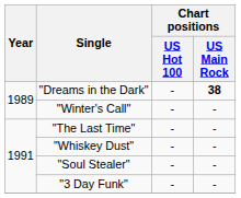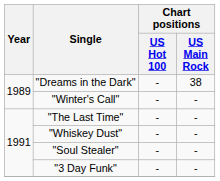 <table class="wikitable" style="text-align:center;">
 <tr>
 <th rowspan="2">Year</th>
 <th rowspan="2">Single</th>
 <th colspan="2">Chart positions</th>
 </tr>
 <tr size="font-size:smaller;">
 <th style="width:50px;"><a href='#'>US Hot 100</a></th>
 <th style="width:50px;"><a href='#'>US Main Rock</a></th>
 </tr>
 <tr>
 <td rowspan="2">1989</td>
 <td>"Dreams in the Dark"</td>
 <td style="text-align:center;">-</td>
-<td style="text-align:center;"><strong>38</strong></td>
+<td style="text-align:center;">38</td>
 </tr>
 <tr>
 <td>"Winter's Call"</td>
 <td style="text-align:center;">-</td>
 <td style="text-align:center;">-</td>
 </tr>
 <tr>
 <td rowspan="4">1991</td>
 <td>"The Last Time"</td>
 <td style="text-align:center;">-</td>
 <td style="text-align:center;">-</td>
 </tr>
 <tr>
 <td>"Whiskey Dust"</td>
 <td style="text-align:center;">-</td>
 <td style="text-align:center;">-</td>
 </tr>
 <tr>
 <td>"Soul Stealer"</td>
 <td style="text-align:center;">-</td>
 <td style="text-align:center;">-</td>
 </tr>
 <tr>
 <td>"3 Day Funk"</td>
 <td style="text-align:center;">-</td>
 <td style="text-align:center;">-</td>
 </tr>
 <tr>
 </tr>
 </table>
